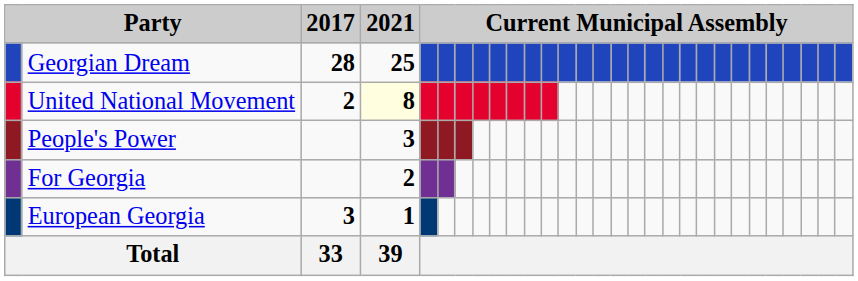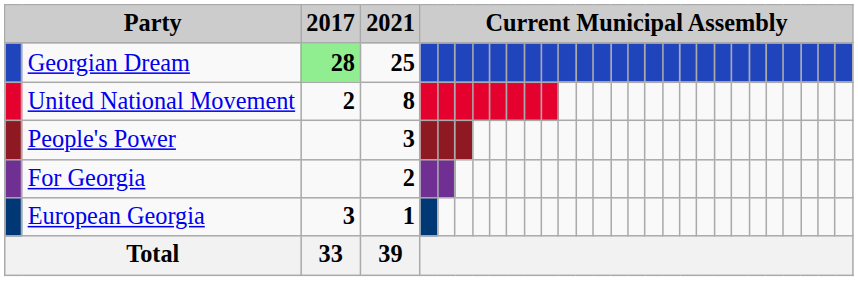 <table class="wikitable">
 <tr>
 <th style="background:#ccc" colspan="2">Party</th>
 <th style="background:#ccc">2017</th>
 <th style="background:#ccc">2021</th>
 <th colspan="41" style="background:#ccc">Current Municipal Assembly</th>
 </tr>
 <tr>
 <td style="background-color: #2044bc"> </td>
 <td><a href='#'>Georgian Dream</a></td>
-<td style="text-align: right"><strong>28</strong></td>
+<td style="background: lightgreen; text-align: right"><strong>28</strong></td>
 <td style="text-align: right"><strong>25</strong></td>
 <td style="background-color: #2044bc"></td>
 <td style="background-color: #2044bc"> </td>
 <td style="background-color: #2044bc"> </td>
 <td style="background-color: #2044bc"> </td>
 <td style="background-color: #2044bc"> </td>
 <td style="background-color: #2044bc"> </td>
 <td style="background-color: #2044bc"> </td>
 <td style="background-color: #2044bc"> </td>
 <td style="background-color: #2044bc"> </td>
 <td style="background-color: #2044bc"> </td>
 <td style="background-color: #2044bc"> </td>
 <td style="background-color: #2044bc"> </td>
 <td style="background-color: #2044bc"> </td>
 <td style="background-color: #2044bc"> </td>
 <td style="background-color: #2044bc"> </td>
 <td style="background-color: #2044bc"> </td>
 <td style="background-color: #2044bc"> </td>
 <td style="background-color: #2044bc"> </td>
 <td style="background-color: #2044bc"> </td>
 <td style="background-color: #2044bc"> </td>
 <td style="background-color: #2044bc"> </td>
 <td style="background-color: #2044bc"> </td>
 <td style="background-color: #2044bc"> </td>
 <td style="background-color: #2044bc"> </td>
 <td style="background-color: #2044bc"> </td>
 </tr>
 <tr>
 <td style="background-color: #e4012e"> </td>
 <td><a href='#'>United National Movement</a></td>
 <td style="text-align: right"><strong>2</strong></td>
-<td style="background: lightyellow; text-align: right"><strong>8</strong></td>
+<td style="text-align: right"><strong>8</strong></td>
 <td style="background-color: #e4012e"></td>
 <td style="background-color: #e4012e"> </td>
 <td style="background-color: #e4012e"> </td>
 <td style="background-color: #e4012e"> </td>
 <td style="background-color: #e4012e"> </td>
 <td style="background-color: #e4012e"> </td>
 <td style="background-color: #e4012e"> </td>
 <td style="background-color: #e4012e"> </td>
 <td></td>
 <td></td>
 <td></td>
 <td></td>
 <td></td>
 <td></td>
 <td></td>
 <td></td>
 <td></td>
 <td></td>
 <td></td>
 <td></td>
 <td></td>
 <td></td>
 <td></td>
 <td></td>
 <td></td>
 </tr>
 <tr>
 <td style="background-color: #8e1922"> </td>
 <td><a href='#'>People's Power</a></td>
 <td></td>
 <td style="text-align: right"><strong>3</strong></td>
 <td style="background-color: #8e1922"> </td>
 <td style="background-color: #8e1922"> </td>
 <td style="background-color: #8e1922"> </td>
 <td></td>
 <td></td>
 <td></td>
 <td></td>
 <td></td>
 <td></td>
 <td></td>
 <td></td>
 <td></td>
 <td></td>
 <td></td>
 <td></td>
 <td></td>
 <td></td>
 <td></td>
 <td></td>
 <td></td>
 <td></td>
 <td></td>
 <td></td>
 <td></td>
 <td></td>
 </tr>
 <tr>
 <td style="background-color: #702F92"> </td>
 <td><a href='#'>For Georgia</a></td>
 <td></td>
 <td style="text-align: right"><strong>2</strong></td>
 <td style="background-color: #702f92"> </td>
 <td style="background-color: #702f92"> </td>
 <td></td>
 <td></td>
 <td></td>
 <td></td>
 <td></td>
 <td></td>
 <td></td>
 <td></td>
 <td></td>
 <td></td>
 <td></td>
 <td></td>
 <td></td>
 <td></td>
 <td></td>
 <td></td>
 <td></td>
 <td></td>
 <td></td>
 <td></td>
 <td></td>
 <td></td>
 <td></td>
 </tr>
 <tr>
 <td style="background-color: #003876"> </td>
 <td><a href='#'>European Georgia</a></td>
 <td style="text-align: right"><strong>3</strong></td>
 <td style="text-align: right"><strong>1</strong></td>
 <td style="background-color: #003876"> </td>
 <td></td>
 <td></td>
 <td></td>
 <td></td>
 <td></td>
 <td></td>
 <td></td>
 <td></td>
 <td></td>
 <td></td>
 <td></td>
 <td></td>
 <td></td>
 <td></td>
 <td></td>
 <td></td>
 <td></td>
 <td></td>
 <td></td>
 <td></td>
 <td></td>
 <td></td>
 <td></td>
 <td></td>
 </tr>
 <tr>
 <th colspan="2">Total</th>
 <th align="right">33</th>
 <th align="right">39</th>
 <th colspan="41"> </th>
 </tr>
 </table>
